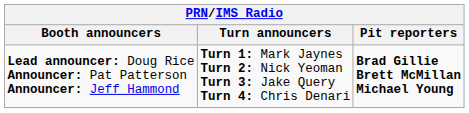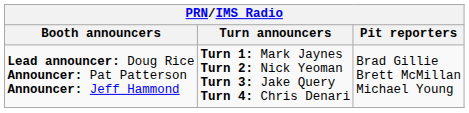 <table class="wikitable" style="font-size: 95%">
 <tr>
 <th colspan="3"><a href='#'>PRN</a>/<a href='#'>IMS Radio</a></th>
 </tr>
 <tr>
 <th>Booth announcers</th>
 <th>Turn announcers</th>
 <th>Pit reporters</th>
 </tr>
 <tr>
 <td><strong>Lead announcer:</strong> Doug Rice<br><strong>Announcer:</strong> Pat Patterson<br><strong>Announcer:</strong> <a href='#'>Jeff Hammond</a></td>
 <td><strong>Turn 1:</strong> Mark Jaynes <br><strong>Turn 2:</strong> Nick Yeoman<br><strong>Turn 3:</strong> Jake Query<br><strong>Turn 4:</strong> Chris Denari</td>
-<td><strong>Brad Gillie<br>Brett McMillan<br>Michael Young</strong></td>
+<td>Brad Gillie<br>Brett McMillan<br>Michael Young</td>
 </tr>
 </table>
